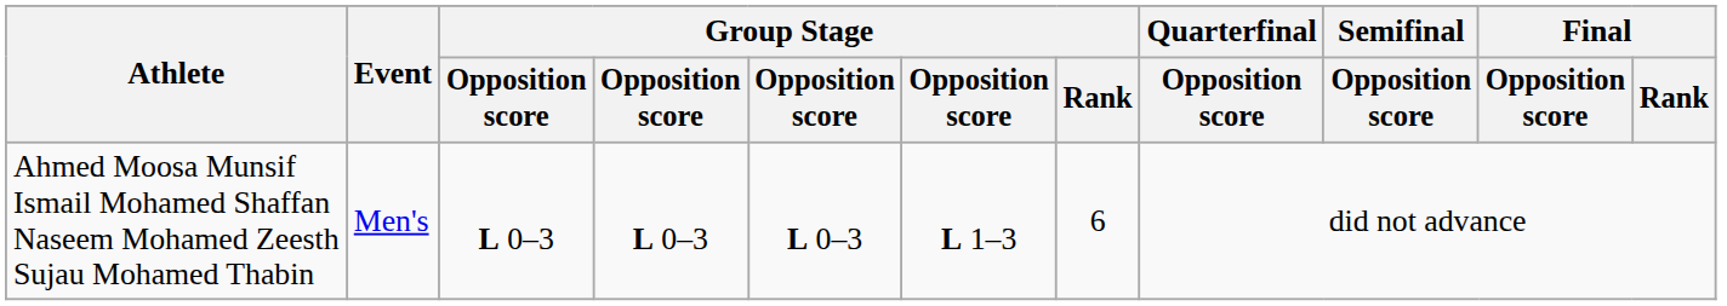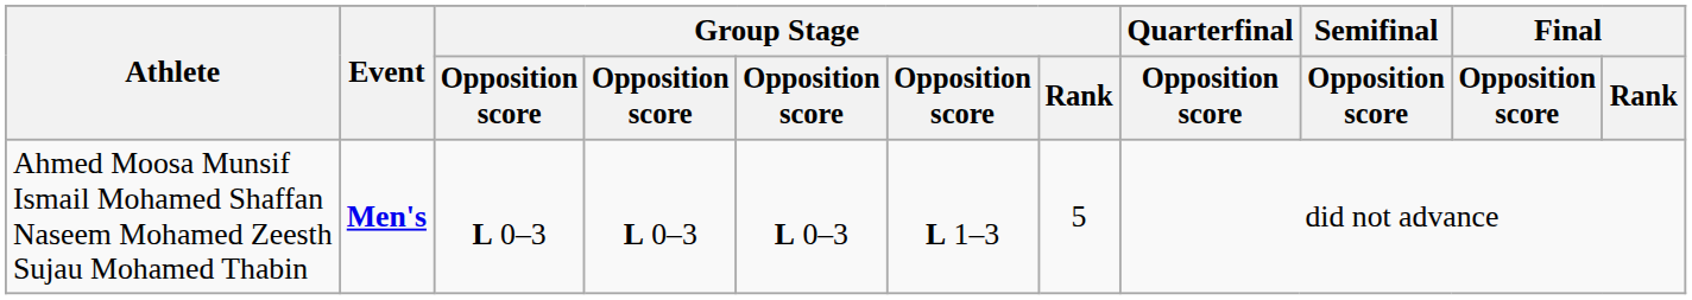 <table class=wikitable style=font-size:87%;text-align:center>
 <tr>
 <th rowspan="2">Athlete</th>
 <th rowspan="2">Event</th>
 <th colspan="5">Group Stage</th>
 <th>Quarterfinal</th>
 <th>Semifinal</th>
 <th colspan="2">Final</th>
 </tr>
 <tr style="font-size:95%">
 <th>Opposition<br>score</th>
 <th>Opposition<br>score</th>
 <th>Opposition<br>score</th>
 <th>Opposition<br>score</th>
 <th>Rank</th>
 <th>Opposition<br>score</th>
 <th>Opposition<br>score</th>
 <th>Opposition<br>score</th>
 <th>Rank</th>
 </tr>
 <tr>
 <td align=left>Ahmed Moosa Munsif<br>Ismail Mohamed Shaffan<br>Naseem Mohamed Zeesth<br>Sujau Mohamed Thabin</td>
-<td align=left><a href='#'>Men's</a></td>
+<td align=left><strong><a href='#'>Men's</a></strong></td>
 <td><br><strong>L</strong> 0–3</td>
 <td><br><strong>L</strong> 0–3</td>
 <td><br><strong>L</strong> 0–3</td>
 <td><br><strong>L</strong> 1–3</td>
-<td>6</td>
+<td>5</td>
 <td colspan=4>did not advance</td>
 </tr>
 </table>
